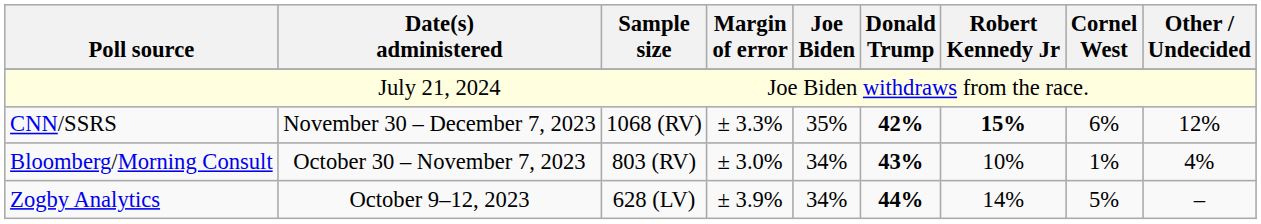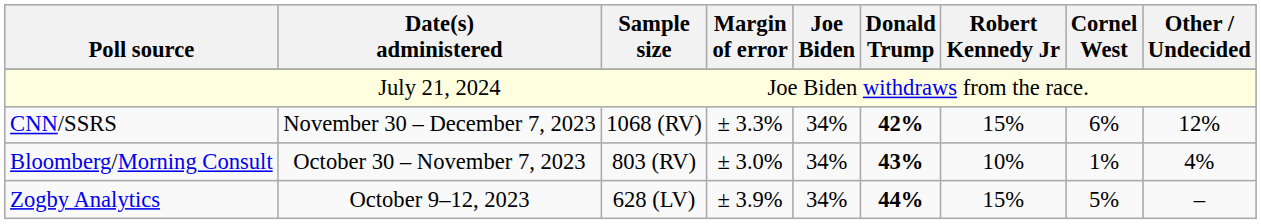 <table class="wikitable sortable mw-datatable" style="font-size:90%;text-align:center;line-height:17px">
 <tr valign=bottom>
 <th>Poll source</th>
 <th>Date(s)<br>administered</th>
 <th>Sample<br>size</th>
 <th>Margin<br>of error</th>
 <th class="unsortable">Joe<br>Biden<br></th>
 <th class="unsortable">Donald<br>Trump<br></th>
 <th class="unsortable">Robert<br>Kennedy Jr<br></th>
 <th class="unsortable">Cornel<br>West<br></th>
 <th class="unsortable">Other /<br>Undecided</th>
 </tr>
 <tr>
 </tr>
 <tr style="background:lightyellow;">
 <td style="border-right-style:hidden;"></td>
 <td style="border-right-style:hidden; " data-sort-value="2024-07-21">July 21, 2024</td>
 <td colspan="7">Joe Biden <a href='#'>withdraws</a> from the race.</td>
 </tr>
 <tr>
 <td style="text-align:left;"><a href='#'>CNN</a>/SSRS</td>
 <td data-sort-value="2023-12-11">November 30 – December 7, 2023</td>
 <td>1068 (RV)</td>
 <td>± 3.3%</td>
-<td>35%</td>
+<td>34%</td>
 <td style="background-color:"><strong>42%</strong></td>
-<td><strong>15%</strong></td>
+<td>15%</td>
 <td>6%</td>
 <td>12%</td>
 </tr>
 <tr>
 <td style="text-align:left;"><a href='#'>Bloomberg</a>/<a href='#'>Morning Consult</a></td>
 <td data-sort-value="2023-11-09">October 30 – November 7, 2023</td>
 <td>803 (RV)</td>
 <td>± 3.0%</td>
 <td>34%</td>
 <td style="background-color:"><strong>43%</strong></td>
 <td>10%</td>
 <td>1%</td>
 <td>4%</td>
 </tr>
 <tr>
 <td style="text-align:left;"><a href='#'>Zogby Analytics</a></td>
 <td data-sort-value="2023-10-15">October 9–12, 2023</td>
 <td>628 (LV)</td>
 <td>± 3.9%</td>
 <td>34%</td>
 <td style="background-color:"><strong>44%</strong></td>
-<td>14%</td>
+<td>15%</td>
 <td>5%</td>
 <td>–</td>
 </tr>
 </table>
